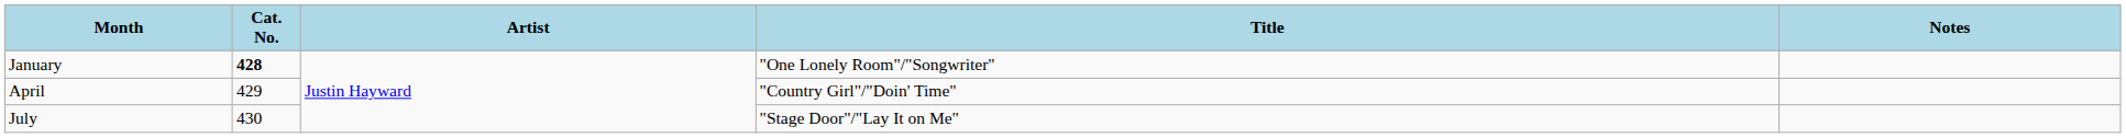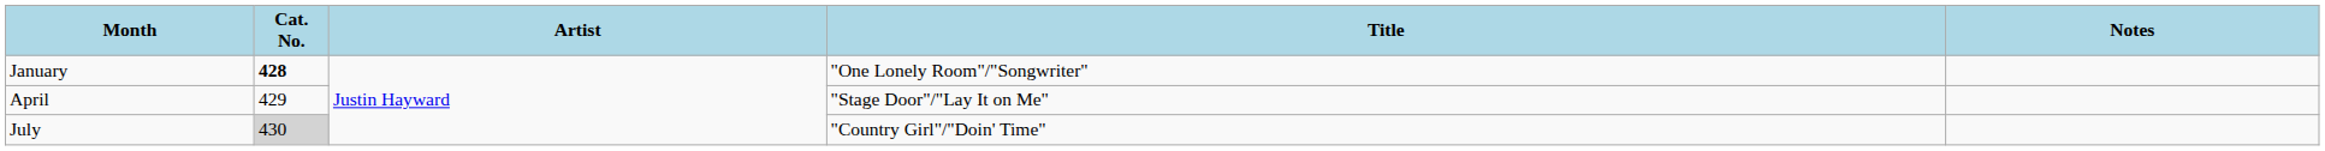 <table class="wikitable" style="width:100%;">
 <tr>
 <th style="background:LightBlue; color:Black; font-weight:bold; text-align:center; width:10%;">Month</th>
 <th style="background:LightBlue; color:Black; font-weight:bold; text-align:center; width:3%;">Cat.<br>No.</th>
 <th style="background:LightBlue; color:Black; font-weight:bold; text-align:center; width:20%;">Artist</th>
 <th style="background:LightBlue; color:Black; font-weight:bold; text-align:center; width:45%;">Title</th>
 <th style="background:LightBlue; color:Black; font-weight:bold; text-align:center; width:15%;">Notes</th>
 </tr>
 <tr>
 <td>January</td>
 <td><strong>428</strong></td>
 <td rowspan = "3"><a href='#'>Justin Hayward</a></td>
 <td>"One Lonely Room"/"Songwriter"</td>
 <td></td>
 </tr>
 <tr>
 <td>April</td>
 <td>429</td>
-<td>"Country Girl"/"Doin' Time"</td>
+<td>"Stage Door"/"Lay It on Me"</td>
 <td></td>
 </tr>
 <tr>
 <td>July</td>
-<td>430</td>
-<td>"Stage Door"/"Lay It on Me"</td>
+<td style="background: lightgrey;">430</td>
+<td>"Country Girl"/"Doin' Time"</td>
 </tr>
 </table>
